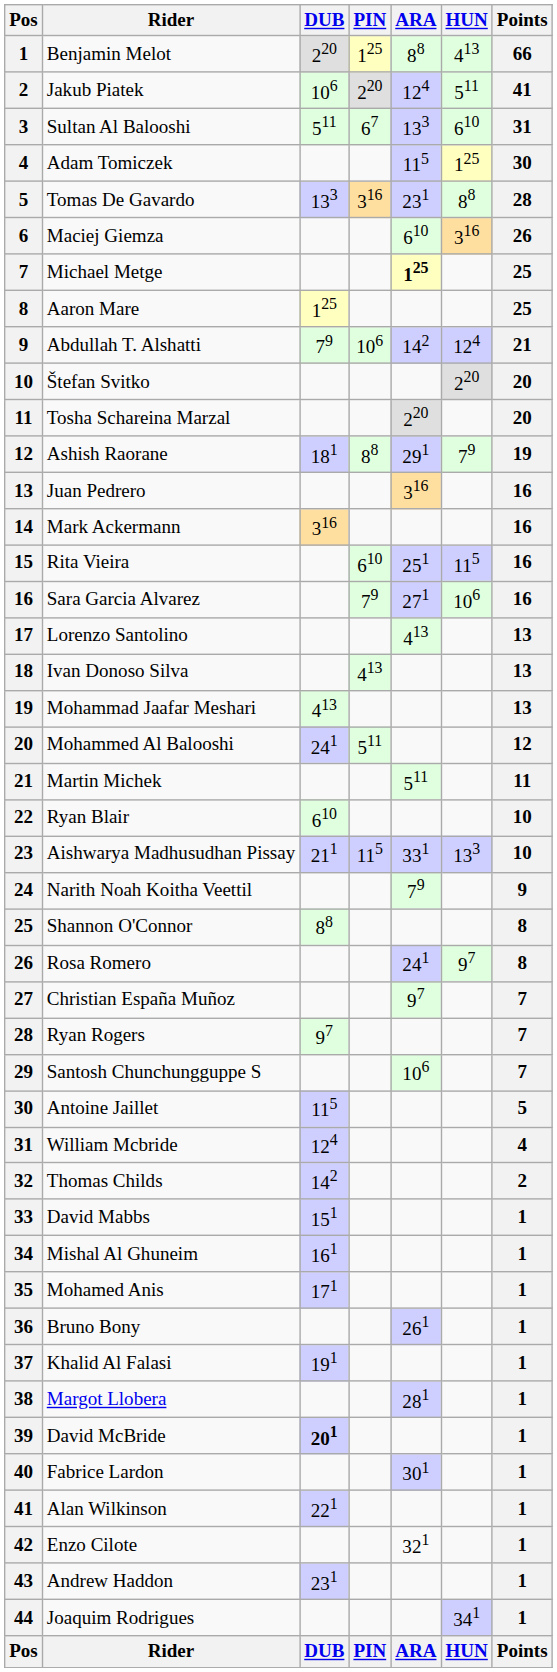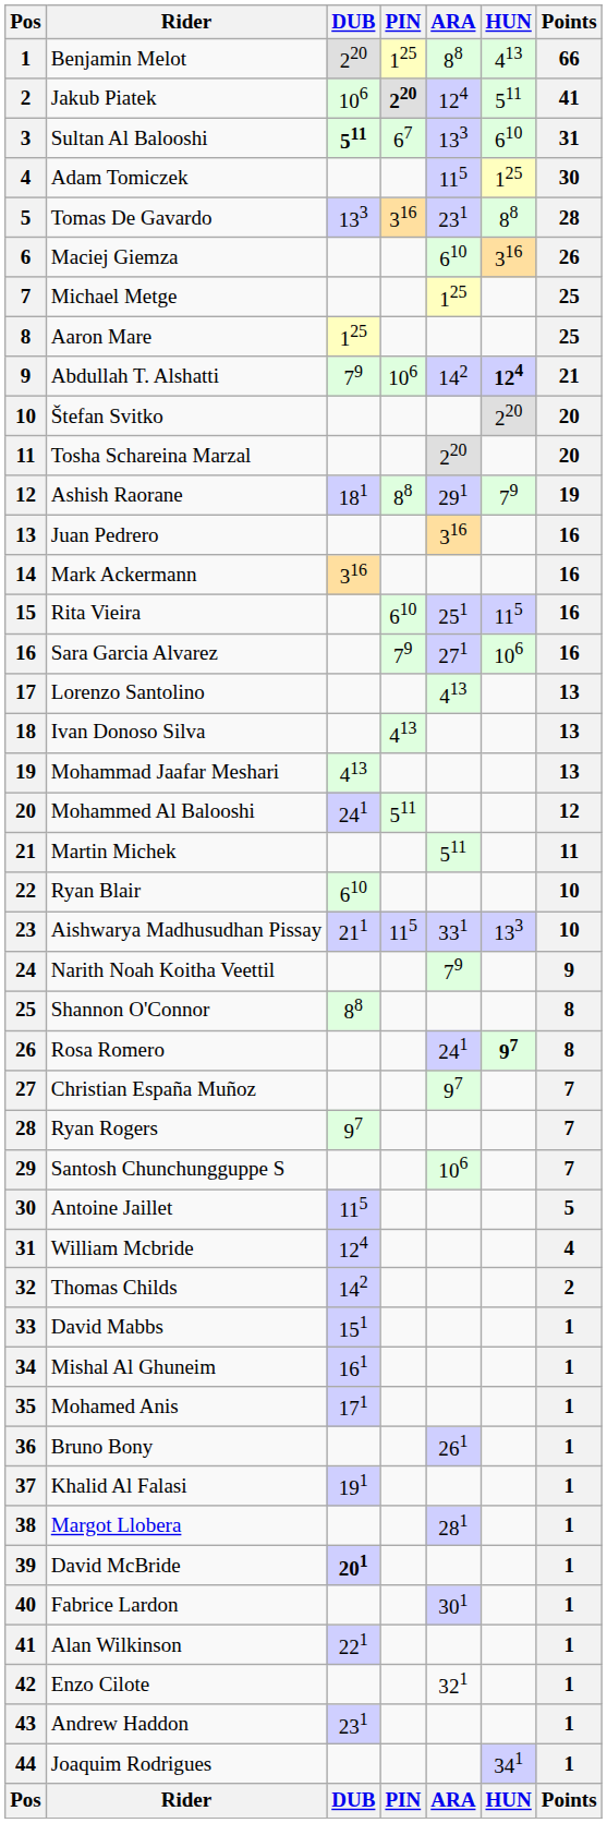 <table class="wikitable" style="font-size: 85%; text-align: center;">
 <tr valign="top">
 <th valign="middle">Pos</th>
 <th valign="middle">Rider</th>
 <th><a href='#'>DUB</a><br></th>
 <th><a href='#'>PIN</a><br></th>
 <th><a href='#'>ARA</a><br></th>
 <th><a href='#'>HUN</a><br></th>
 <th valign="middle">Points</th>
 </tr>
 <tr>
 <th>1</th>
 <td align=left> Benjamin Melot</td>
 <td style="background:#dfdfdf;">2<sup>20</sup></td>
 <td style="background:#ffffbf;">1<sup>25</sup></td>
 <td style="background:#dfffdf;">8<sup>8</sup></td>
 <td style="background:#dfffdf;">4<sup>13</sup></td>
 <th>66</th>
 </tr>
 <tr>
 <th>2</th>
 <td align=left> Jakub Piatek</td>
 <td style="background:#dfffdf;">10<sup>6</sup></td>
-<td style="background:#dfdfdf;">2<sup>20</sup></td>
+<td style="background:#dfdfdf;"><strong>2<sup>20</sup></strong></td>
 <td style="background:#cfcfff;">12<sup>4</sup></td>
 <td style="background:#dfffdf;">5<sup>11</sup></td>
 <th>41</th>
 </tr>
 <tr>
 <th>3</th>
 <td align=left> Sultan Al Balooshi</td>
-<td style="background:#dfffdf;">5<sup>11</sup></td>
+<td style="background:#dfffdf;"><strong>5<sup>11</sup></strong></td>
 <td style="background:#dfffdf;">6<sup>7</sup></td>
 <td style="background:#cfcfff;">13<sup>3</sup></td>
 <td style="background:#dfffdf;">6<sup>10</sup></td>
 <th>31</th>
 </tr>
 <tr>
 <th>4</th>
 <td align=left> Adam Tomiczek</td>
 <td></td>
 <td></td>
 <td style="background:#cfcfff;">11<sup>5</sup></td>
 <td style="background:#ffffbf;">1<sup>25</sup></td>
 <th>30</th>
 </tr>
 <tr>
 <th>5</th>
 <td align=left> Tomas De Gavardo</td>
 <td style="background:#cfcfff;">13<sup>3</sup></td>
 <td style="background:#ffdf9f;">3<sup>16</sup></td>
 <td style="background:#cfcfff;">23<sup>1</sup></td>
 <td style="background:#dfffdf;">8<sup>8</sup></td>
 <th>28</th>
 </tr>
 <tr>
 <th>6</th>
 <td align=left> Maciej Giemza</td>
 <td></td>
 <td></td>
 <td style="background:#dfffdf;">6<sup>10</sup></td>
 <td style="background:#ffdf9f;">3<sup>16</sup></td>
 <th>26</th>
 </tr>
 <tr>
 <th>7</th>
 <td align=left> Michael Metge</td>
 <td></td>
 <td></td>
-<td style="background:#ffffbf;"><strong>1<sup>25</sup></strong></td>
+<td style="background:#ffffbf;">1<sup>25</sup></td>
 <td></td>
 <th>25</th>
 </tr>
 <tr>
 <th>8</th>
 <td align=left> Aaron Mare</td>
 <td style="background:#ffffbf;">1<sup>25</sup></td>
 <td></td>
 <td></td>
 <td></td>
 <th>25</th>
 </tr>
 <tr>
 <th>9</th>
 <td align=left> Abdullah T. Alshatti</td>
 <td style="background:#dfffdf;">7<sup>9</sup></td>
 <td style="background:#dfffdf;">10<sup>6</sup></td>
 <td style="background:#cfcfff;">14<sup>2</sup></td>
-<td style="background:#cfcfff;">12<sup>4</sup></td>
+<td style="background:#cfcfff;"><strong>12<sup>4</sup></strong></td>
 <th>21</th>
 </tr>
 <tr>
 <th>10</th>
 <td align=left> Štefan Svitko</td>
 <td></td>
 <td></td>
 <td></td>
 <td style="background:#dfdfdf;">2<sup>20</sup></td>
 <th>20</th>
 </tr>
 <tr>
 <th>11</th>
 <td align=left> Tosha Schareina Marzal</td>
 <td></td>
 <td></td>
 <td style="background:#dfdfdf;">2<sup>20</sup></td>
 <td></td>
 <th>20</th>
 </tr>
 <tr>
 <th>12</th>
 <td align=left> Ashish Raorane</td>
 <td style="background:#cfcfff;">18<sup>1</sup></td>
 <td style="background:#dfffdf;">8<sup>8</sup></td>
 <td style="background:#cfcfff;">29<sup>1</sup></td>
 <td style="background:#dfffdf;">7<sup>9</sup></td>
 <th>19</th>
 </tr>
 <tr>
 <th>13</th>
 <td align=left> Juan Pedrero</td>
 <td></td>
 <td></td>
 <td style="background:#ffdf9f;">3<sup>16</sup></td>
 <td></td>
 <th>16</th>
 </tr>
 <tr>
 <th>14</th>
 <td align=left> Mark Ackermann</td>
 <td style="background:#ffdf9f;">3<sup>16</sup></td>
 <td></td>
 <td></td>
 <td></td>
 <th>16</th>
 </tr>
 <tr>
 <th>15</th>
 <td align=left> Rita Vieira</td>
 <td></td>
 <td style="background:#dfffdf;">6<sup>10</sup></td>
 <td style="background:#cfcfff;">25<sup>1</sup></td>
 <td style="background:#cfcfff;">11<sup>5</sup></td>
 <th>16</th>
 </tr>
 <tr>
 <th>16</th>
 <td align=left> Sara Garcia Alvarez</td>
 <td></td>
 <td style="background:#dfffdf;">7<sup>9</sup></td>
 <td style="background:#cfcfff;">27<sup>1</sup></td>
 <td style="background:#dfffdf;">10<sup>6</sup></td>
 <th>16</th>
 </tr>
 <tr>
 <th>17</th>
 <td align=left> Lorenzo Santolino</td>
 <td></td>
 <td></td>
 <td style="background:#dfffdf;">4<sup>13</sup></td>
 <td></td>
 <th>13</th>
 </tr>
 <tr>
 <th>18</th>
 <td align=left> Ivan Donoso Silva</td>
 <td></td>
 <td style="background:#dfffdf;">4<sup>13</sup></td>
 <td></td>
 <td></td>
 <th>13</th>
 </tr>
 <tr>
 <th>19</th>
 <td align=left> Mohammad Jaafar Meshari</td>
 <td style="background:#dfffdf;">4<sup>13</sup></td>
 <td></td>
 <td></td>
 <td></td>
 <th>13</th>
 </tr>
 <tr>
 <th>20</th>
 <td align=left> Mohammed Al Balooshi</td>
 <td style="background:#cfcfff;">24<sup>1</sup></td>
 <td style="background:#dfffdf;">5<sup>11</sup></td>
 <td></td>
 <td></td>
 <th>12</th>
 </tr>
 <tr>
 <th>21</th>
 <td align=left> Martin Michek</td>
 <td></td>
 <td></td>
 <td style="background:#dfffdf;">5<sup>11</sup></td>
 <td></td>
 <th>11</th>
 </tr>
 <tr>
 <th>22</th>
 <td align=left> Ryan Blair</td>
 <td style="background:#dfffdf;">6<sup>10</sup></td>
 <td></td>
 <td></td>
 <td></td>
 <th>10</th>
 </tr>
 <tr>
 <th>23</th>
 <td align=left> Aishwarya Madhusudhan Pissay</td>
 <td style="background:#cfcfff;">21<sup>1</sup></td>
 <td style="background:#cfcfff;">11<sup>5</sup></td>
 <td style="background:#cfcfff;">33<sup>1</sup></td>
 <td style="background:#cfcfff;">13<sup>3</sup></td>
 <th>10</th>
 </tr>
 <tr>
 <th>24</th>
 <td align=left> Narith Noah Koitha Veettil</td>
 <td></td>
 <td></td>
 <td style="background:#dfffdf;">7<sup>9</sup></td>
 <td></td>
 <th>9</th>
 </tr>
 <tr>
 <th>25</th>
 <td align=left> Shannon O'Connor</td>
 <td style="background:#dfffdf;">8<sup>8</sup></td>
 <td></td>
 <td></td>
 <td></td>
 <th>8</th>
 </tr>
 <tr>
 <th>26</th>
 <td align=left> Rosa Romero</td>
 <td></td>
 <td></td>
 <td style="background:#cfcfff;">24<sup>1</sup></td>
-<td style="background:#dfffdf;">9<sup>7</sup></td>
+<td style="background:#dfffdf;"><strong>9<sup>7</sup></strong></td>
 <th>8</th>
 </tr>
 <tr>
 <th>27</th>
 <td align=left> Christian España Muñoz</td>
 <td></td>
 <td></td>
 <td style="background:#dfffdf;">9<sup>7</sup></td>
 <td></td>
 <th>7</th>
 </tr>
 <tr>
 <th>28</th>
 <td align=left> Ryan Rogers</td>
 <td style="background:#dfffdf;">9<sup>7</sup></td>
 <td></td>
 <td></td>
 <td></td>
 <th>7</th>
 </tr>
 <tr>
 <th>29</th>
 <td align=left> Santosh Chunchungguppe S</td>
 <td></td>
 <td></td>
 <td style="background:#dfffdf;">10<sup>6</sup></td>
 <td></td>
 <th>7</th>
 </tr>
 <tr>
 <th>30</th>
 <td align=left> Antoine Jaillet</td>
 <td style="background:#cfcfff;">11<sup>5</sup></td>
 <td></td>
 <td></td>
 <td></td>
 <th>5</th>
 </tr>
 <tr>
 <th>31</th>
 <td align=left> William Mcbride</td>
 <td style="background:#cfcfff;">12<sup>4</sup></td>
 <td></td>
 <td></td>
 <td></td>
 <th>4</th>
 </tr>
 <tr>
 <th>32</th>
 <td align=left> Thomas Childs</td>
 <td style="background:#cfcfff;">14<sup>2</sup></td>
 <td></td>
 <td></td>
 <td></td>
 <th>2</th>
 </tr>
 <tr>
 <th>33</th>
 <td align=left> David Mabbs</td>
 <td style="background:#cfcfff;">15<sup>1</sup></td>
 <td></td>
 <td></td>
 <td></td>
 <th>1</th>
 </tr>
 <tr>
 <th>34</th>
 <td align=left> Mishal Al Ghuneim</td>
 <td style="background:#cfcfff;">16<sup>1</sup></td>
 <td></td>
 <td></td>
 <td></td>
 <th>1</th>
 </tr>
 <tr>
 <th>35</th>
 <td align=left> Mohamed Anis</td>
 <td style="background:#cfcfff;">17<sup>1</sup></td>
 <td></td>
 <td></td>
 <td></td>
 <th>1</th>
 </tr>
 <tr>
 <th>36</th>
 <td align=left> Bruno Bony</td>
 <td></td>
 <td></td>
 <td style="background:#cfcfff;">26<sup>1</sup></td>
 <td></td>
 <th>1</th>
 </tr>
 <tr>
 <th>37</th>
 <td align=left> Khalid Al Falasi</td>
 <td style="background:#cfcfff;">19<sup>1</sup></td>
 <td></td>
 <td></td>
 <td></td>
 <th>1</th>
 </tr>
 <tr>
 <th>38</th>
 <td align=left> <a href='#'>Margot Llobera</a></td>
 <td></td>
 <td></td>
 <td style="background:#cfcfff;">28<sup>1</sup></td>
 <td></td>
 <th>1</th>
 </tr>
 <tr>
 <th>39</th>
 <td align=left> David McBride</td>
 <td style="background:#cfcfff;"><strong>20<sup>1</sup></strong></td>
 <td></td>
 <td></td>
 <td></td>
 <th>1</th>
 </tr>
 <tr>
 <th>40</th>
 <td align=left> Fabrice Lardon</td>
 <td></td>
 <td></td>
 <td style="background:#cfcfff;">30<sup>1</sup></td>
 <td></td>
 <th>1</th>
 </tr>
 <tr>
 <th>41</th>
 <td align=left> Alan Wilkinson</td>
 <td style="background:#cfcfff;">22<sup>1</sup></td>
 <td></td>
 <td></td>
 <td></td>
 <th>1</th>
 </tr>
 <tr>
 <th>42</th>
 <td align=left> Enzo Cilote</td>
 <td></td>
 <td></td>
 <td tyle="background:#cfcfff;">32<sup>1</sup></td>
 <td></td>
 <th>1</th>
 </tr>
 <tr>
 <th>43</th>
 <td align=left> Andrew Haddon</td>
 <td style="background:#cfcfff;">23<sup>1</sup></td>
 <td></td>
 <td></td>
 <td></td>
 <th>1</th>
 </tr>
 <tr>
 <th>44</th>
 <td align=left> Joaquim Rodrigues</td>
 <td></td>
 <td></td>
 <td></td>
 <td style="background:#cfcfff;">34<sup>1</sup></td>
 <th>1</th>
 </tr>
 <tr valign="top">
 <th valign="middle">Pos</th>
 <th valign="middle">Rider</th>
 <th><a href='#'>DUB</a><br></th>
 <th><a href='#'>PIN</a><br></th>
 <th><a href='#'>ARA</a><br></th>
 <th><a href='#'>HUN</a><br></th>
 <th valign="middle">Points</th>
 </tr>
 <tr>
 </tr>
 </table>
